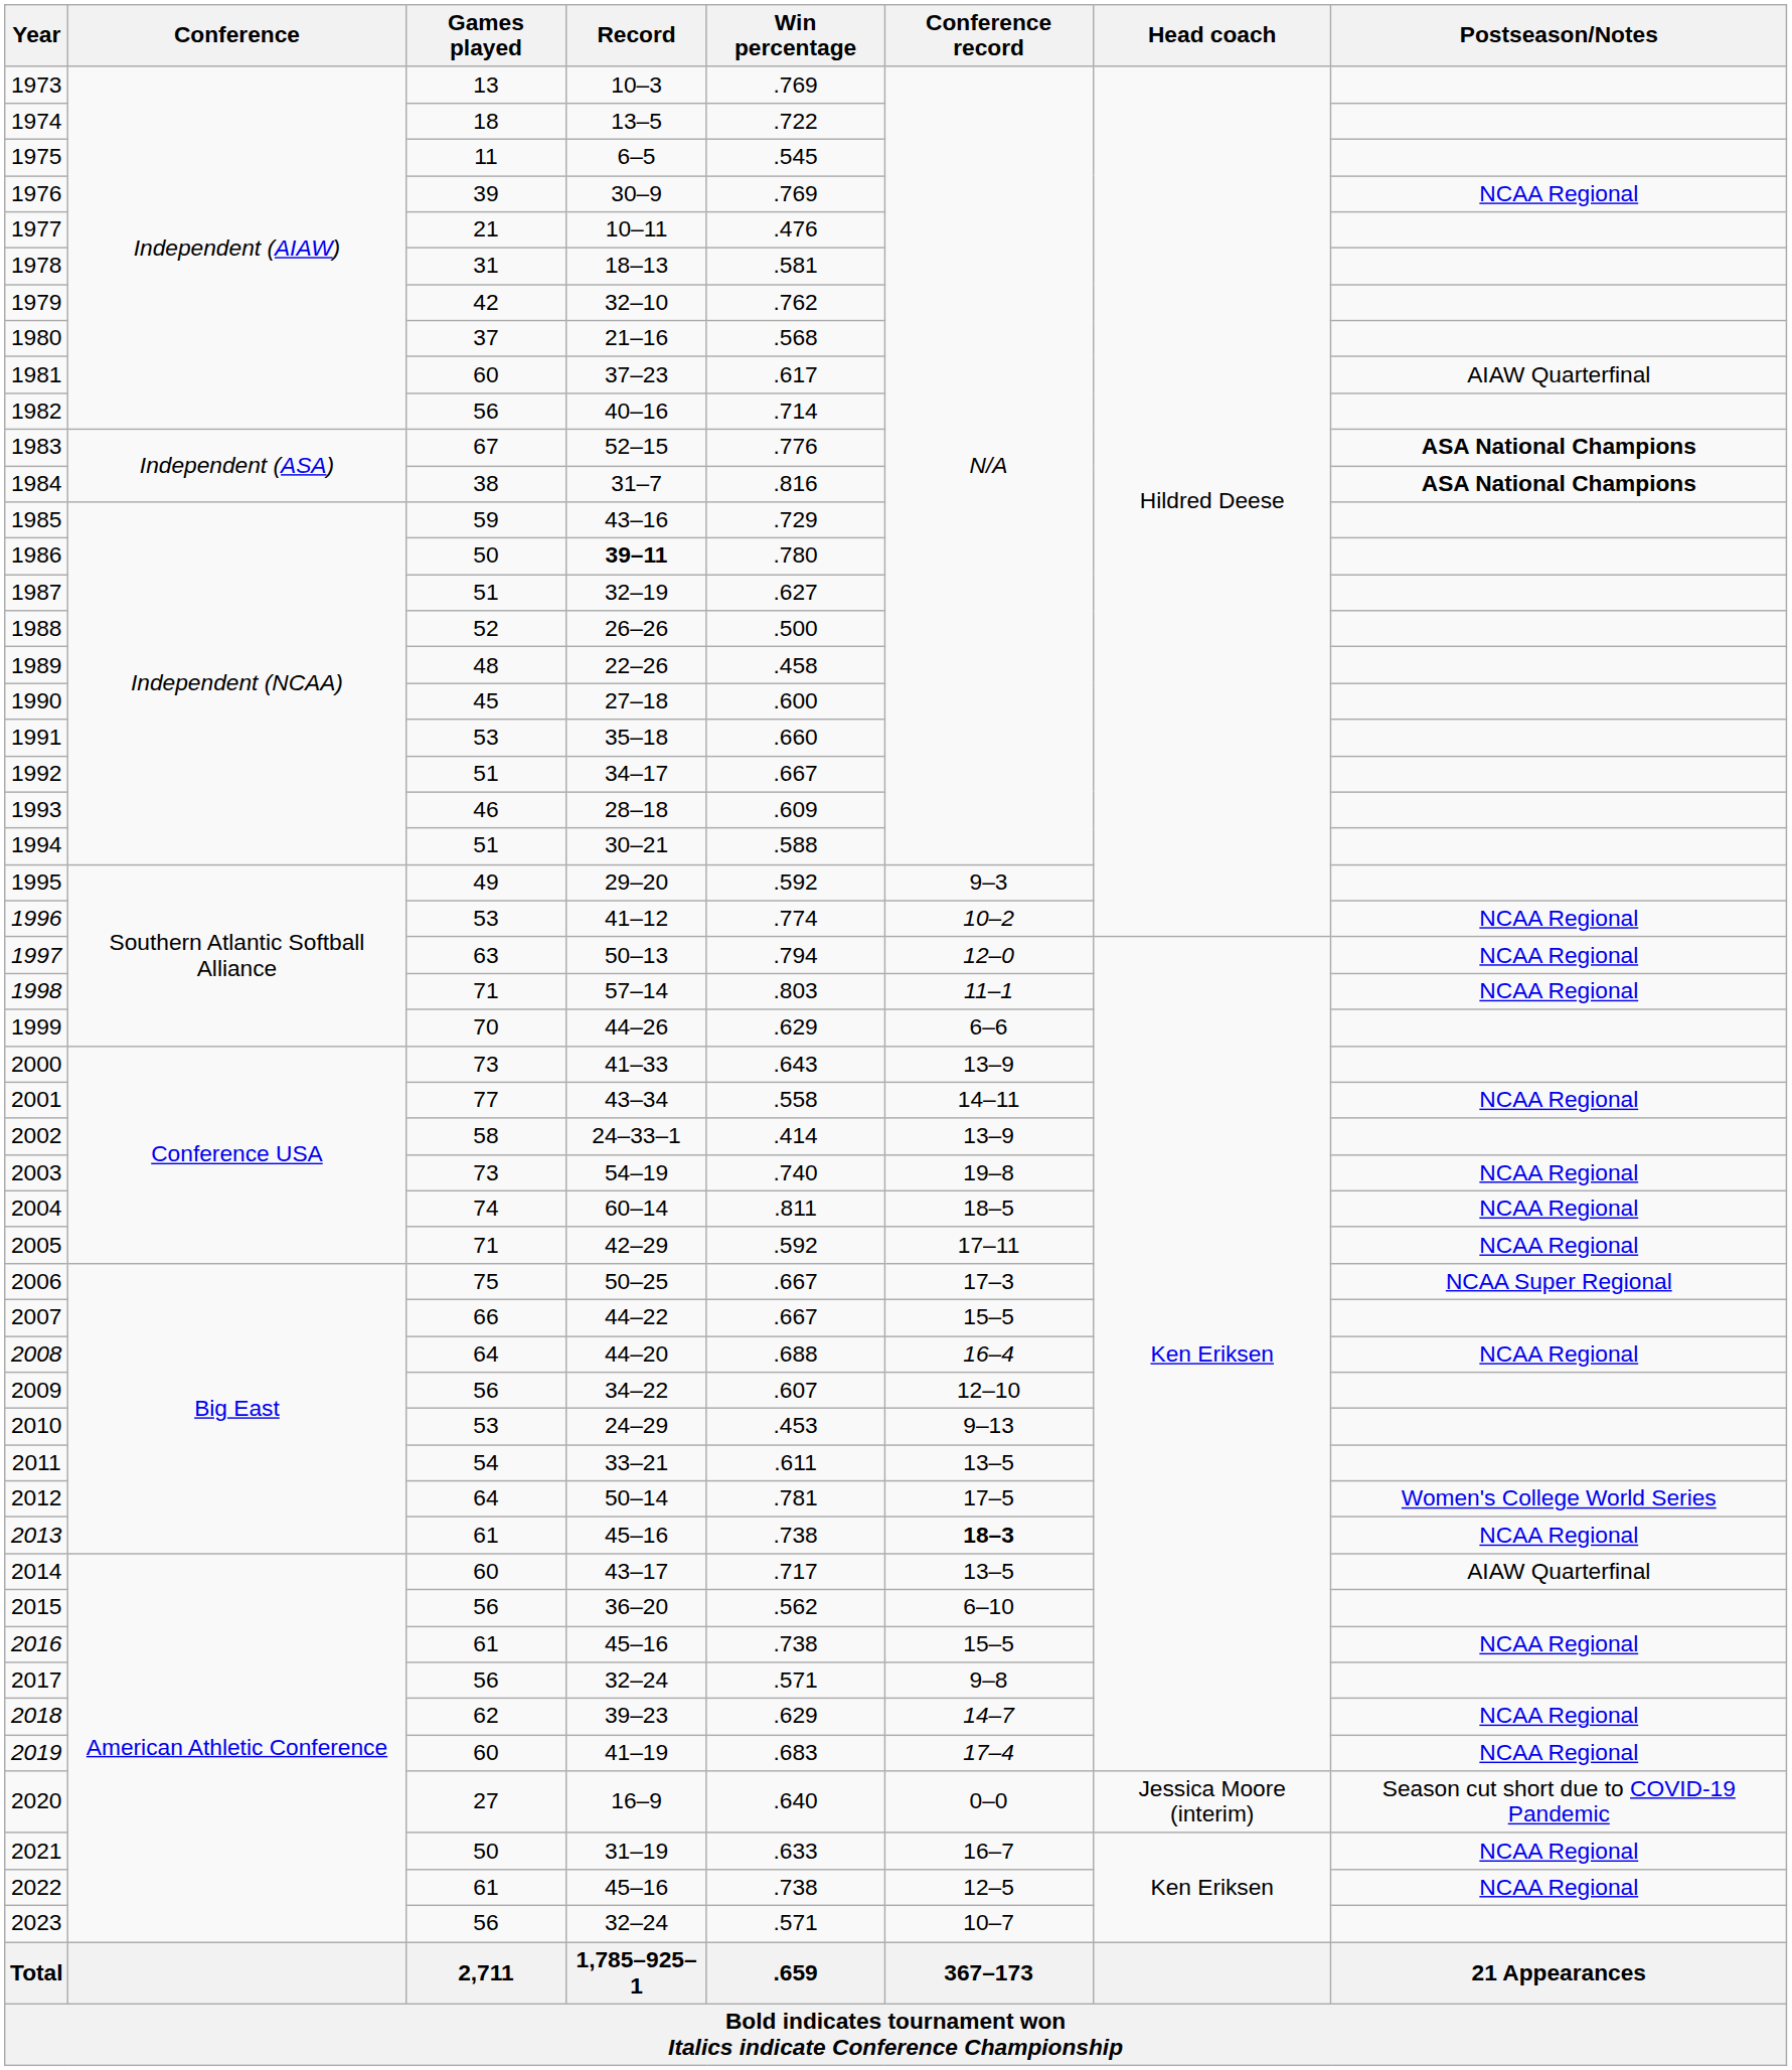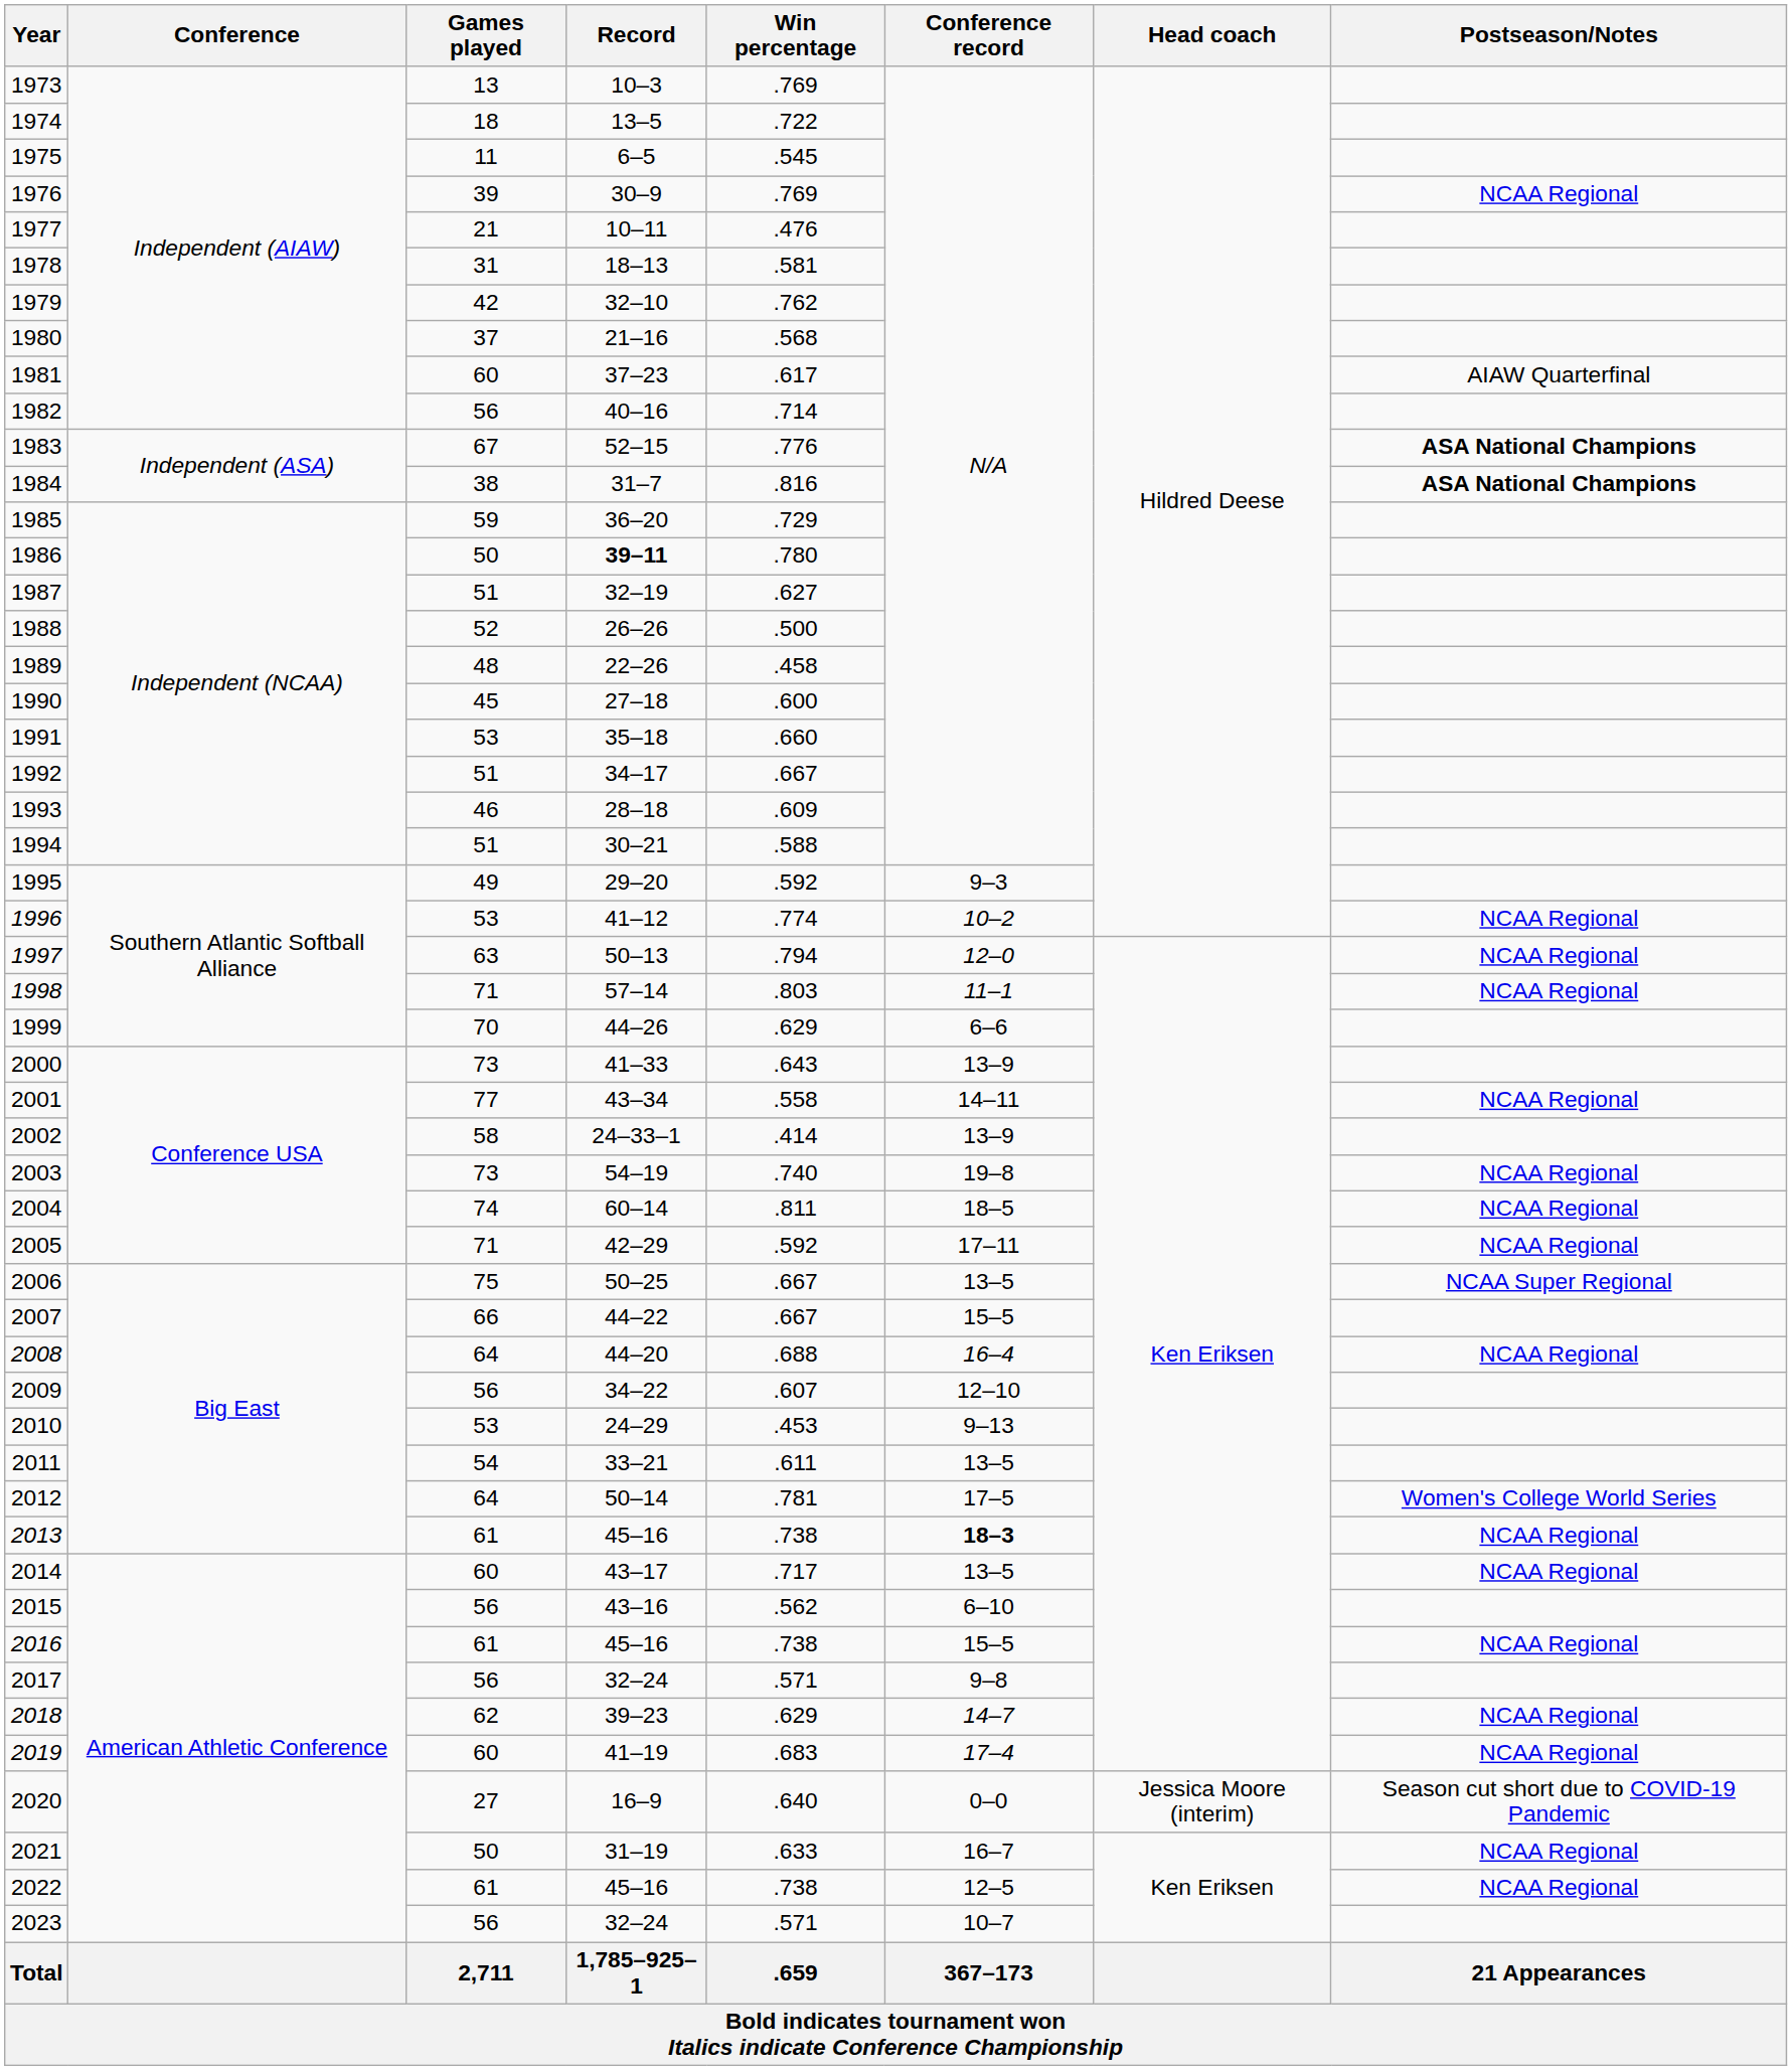 <table class="wikitable sortable" style="text-align:center;">
 <tr>
 <th style="text-align:center;">Year</th>
 <th style="text-align:center;">Conference</th>
 <th style="text-align:center;">Games played</th>
 <th style="text-align:center;">Record</th>
 <th style="text-align:center;">Win percentage</th>
 <th style="text-align:center;">Conference record</th>
 <th style="text-align:center;">Head coach</th>
 <th style="text-align:center;">Postseason/Notes</th>
 </tr>
 <tr>
 <td>1973</td>
 <td rowspan="10"><em>Independent (<a href='#'>AIAW</a>)</em></td>
 <td>13</td>
 <td>10–3</td>
 <td>.769</td>
 <td rowspan="22"><em>N/A</em></td>
 <td rowspan="24">Hildred Deese</td>
 <td></td>
 </tr>
 <tr>
 <td>1974</td>
 <td>18</td>
 <td>13–5</td>
 <td>.722</td>
 <td></td>
 </tr>
 <tr>
 <td>1975</td>
 <td>11</td>
 <td>6–5</td>
 <td>.545</td>
 <td></td>
 </tr>
 <tr>
 <td>1976</td>
 <td>39</td>
 <td>30–9</td>
 <td>.769</td>
 <td><a href='#'>NCAA Regional</a></td>
 </tr>
 <tr>
 <td>1977</td>
 <td>21</td>
 <td>10–11</td>
 <td>.476</td>
 <td></td>
 </tr>
 <tr>
 <td>1978</td>
 <td>31</td>
 <td>18–13</td>
 <td>.581</td>
 <td></td>
 </tr>
 <tr>
 <td>1979</td>
 <td>42</td>
 <td>32–10</td>
 <td>.762</td>
 <td></td>
 </tr>
 <tr>
 <td>1980</td>
 <td>37</td>
 <td>21–16</td>
 <td>.568</td>
 <td></td>
 </tr>
 <tr>
 <td>1981</td>
 <td>60</td>
 <td>37–23</td>
 <td>.617</td>
 <td>AIAW Quarterfinal</td>
 </tr>
 <tr>
 <td>1982</td>
 <td>56</td>
 <td>40–16</td>
 <td>.714</td>
 <td></td>
 </tr>
 <tr>
 <td>1983</td>
 <td rowspan="2"><em>Independent (<a href='#'>ASA</a>)</em></td>
 <td>67</td>
 <td>52–15</td>
 <td>.776</td>
 <td><strong>ASA National Champions</strong></td>
 </tr>
 <tr>
 <td>1984</td>
 <td>38</td>
 <td>31–7</td>
 <td>.816</td>
 <td><strong>ASA National Champions</strong></td>
 </tr>
 <tr>
 <td>1985</td>
 <td rowspan="10"><em>Independent (NCAA)</em></td>
 <td>59</td>
-<td>43–16</td>
+<td>36–20</td>
 <td>.729</td>
 <td></td>
 </tr>
 <tr>
 <td>1986</td>
 <td>50</td>
 <td><strong>39–11</strong></td>
 <td>.780</td>
 <td></td>
 </tr>
 <tr>
 <td>1987</td>
 <td>51</td>
 <td>32–19</td>
 <td>.627</td>
 <td></td>
 </tr>
 <tr>
 <td>1988</td>
 <td>52</td>
 <td>26–26</td>
 <td>.500</td>
 <td></td>
 </tr>
 <tr>
 <td>1989</td>
 <td>48</td>
 <td>22–26</td>
 <td>.458</td>
 <td></td>
 </tr>
 <tr>
 <td>1990</td>
 <td>45</td>
 <td>27–18</td>
 <td>.600</td>
 <td></td>
 </tr>
 <tr>
 <td>1991</td>
 <td>53</td>
 <td>35–18</td>
 <td>.660</td>
 <td></td>
 </tr>
 <tr>
 <td>1992</td>
 <td>51</td>
 <td>34–17</td>
 <td>.667</td>
 <td></td>
 </tr>
 <tr>
 <td>1993</td>
 <td>46</td>
 <td>28–18</td>
 <td>.609</td>
 <td></td>
 </tr>
 <tr>
 <td>1994</td>
 <td>51</td>
 <td>30–21</td>
 <td>.588</td>
 <td></td>
 </tr>
 <tr>
 <td>1995</td>
 <td rowspan="5">Southern Atlantic Softball Alliance</td>
 <td>49</td>
 <td>29–20</td>
 <td>.592</td>
 <td>9–3</td>
 <td></td>
 </tr>
 <tr>
 <td><em>1996</em></td>
 <td>53</td>
 <td>41–12</td>
 <td>.774</td>
 <td><em>10–2</em></td>
 <td><a href='#'>NCAA Regional</a></td>
 </tr>
 <tr>
 <td><em>1997</em></td>
 <td>63</td>
 <td>50–13</td>
 <td>.794</td>
 <td><em>12–0</em></td>
 <td rowspan="23"><a href='#'>Ken Eriksen</a></td>
 <td><a href='#'>NCAA Regional</a></td>
 </tr>
 <tr>
 <td><em>1998</em></td>
 <td>71</td>
 <td>57–14</td>
 <td>.803</td>
 <td><em>11–1</em></td>
 <td><a href='#'>NCAA Regional</a></td>
 </tr>
 <tr>
 <td>1999</td>
 <td>70</td>
 <td>44–26</td>
 <td>.629</td>
 <td>6–6</td>
 <td></td>
 </tr>
 <tr>
 <td>2000</td>
 <td rowspan="6"><a href='#'>Conference USA</a></td>
 <td>73</td>
 <td>41–33</td>
 <td>.643</td>
 <td>13–9</td>
 <td></td>
 </tr>
 <tr>
 <td>2001</td>
 <td>77</td>
 <td>43–34</td>
 <td>.558</td>
 <td>14–11</td>
 <td><a href='#'>NCAA Regional</a></td>
 </tr>
 <tr>
 <td>2002</td>
 <td>58</td>
 <td>24–33–1</td>
 <td>.414</td>
 <td>13–9</td>
 <td></td>
 </tr>
 <tr>
 <td>2003</td>
 <td>73</td>
 <td>54–19</td>
 <td>.740</td>
 <td>19–8</td>
 <td><a href='#'>NCAA Regional</a></td>
 </tr>
 <tr>
 <td>2004</td>
 <td>74</td>
 <td>60–14</td>
 <td>.811</td>
 <td>18–5</td>
 <td><a href='#'>NCAA Regional</a></td>
 </tr>
 <tr>
 <td>2005</td>
 <td>71</td>
 <td>42–29</td>
 <td>.592</td>
 <td>17–11</td>
 <td><a href='#'>NCAA Regional</a></td>
 </tr>
 <tr>
 <td>2006</td>
 <td rowspan="8"><a href='#'>Big East</a></td>
 <td>75</td>
 <td>50–25</td>
 <td>.667</td>
-<td>17–3</td>
+<td>13–5</td>
 <td><a href='#'>NCAA Super Regional</a></td>
 </tr>
 <tr>
 <td>2007</td>
 <td>66</td>
 <td>44–22</td>
 <td>.667</td>
 <td>15–5</td>
 <td></td>
 </tr>
 <tr>
 <td><em>2008</em></td>
 <td>64</td>
 <td>44–20</td>
 <td>.688</td>
 <td><em>16–4</em></td>
 <td><a href='#'>NCAA Regional</a></td>
 </tr>
 <tr>
 <td>2009</td>
 <td>56</td>
 <td>34–22</td>
 <td>.607</td>
 <td>12–10</td>
 <td></td>
 </tr>
 <tr>
 <td>2010</td>
 <td>53</td>
 <td>24–29</td>
 <td>.453</td>
 <td>9–13</td>
 <td></td>
 </tr>
 <tr>
 <td>2011</td>
 <td>54</td>
 <td>33–21</td>
 <td>.611</td>
 <td>13–5</td>
 <td></td>
 </tr>
 <tr>
 <td>2012</td>
 <td>64</td>
 <td>50–14</td>
 <td>.781</td>
 <td>17–5</td>
 <td><a href='#'>Women's College World Series</a></td>
 </tr>
 <tr>
 <td><em>2013</em></td>
 <td>61</td>
 <td>45–16</td>
 <td>.738</td>
 <td><strong>18–3</strong></td>
 <td><a href='#'>NCAA Regional</a></td>
 </tr>
 <tr>
 <td>2014</td>
 <td rowspan="10"><a href='#'>American Athletic Conference</a></td>
 <td>60</td>
 <td>43–17</td>
 <td>.717</td>
 <td>13–5</td>
-<td>AIAW Quarterfinal</td>
+<td><a href='#'>NCAA Regional</a></td>
 </tr>
 <tr>
 <td>2015</td>
 <td>56</td>
-<td>36–20</td>
+<td>43–16</td>
 <td>.562</td>
 <td>6–10</td>
 <td></td>
 </tr>
 <tr>
 <td><em>2016</em></td>
 <td>61</td>
 <td>45–16</td>
 <td>.738</td>
 <td>15–5</td>
 <td><a href='#'>NCAA Regional</a></td>
 </tr>
 <tr>
 <td>2017</td>
 <td>56</td>
 <td>32–24</td>
 <td>.571</td>
 <td>9–8</td>
 <td></td>
 </tr>
 <tr>
 <td><em>2018</em></td>
 <td>62</td>
 <td>39–23</td>
 <td>.629</td>
 <td><em>14–7</em></td>
 <td><a href='#'>NCAA Regional</a></td>
 </tr>
 <tr>
 <td><em>2019</em></td>
 <td>60</td>
 <td>41–19</td>
 <td>.683</td>
 <td><em>17–4</em></td>
 <td><a href='#'>NCAA Regional</a></td>
 </tr>
 <tr>
 <td>2020</td>
 <td>27</td>
 <td>16–9</td>
 <td>.640</td>
 <td>0–0</td>
 <td>Jessica Moore (interim)</td>
 <td style="text-align: center;">Season cut short due to <a href='#'>COVID-19 Pandemic</a></td>
 </tr>
 <tr>
 <td>2021</td>
 <td>50</td>
 <td>31–19</td>
 <td>.633</td>
 <td>16–7</td>
 <td rowspan="3">Ken Eriksen</td>
 <td><a href='#'>NCAA Regional</a></td>
 </tr>
 <tr>
 <td>2022</td>
 <td>61</td>
 <td>45–16</td>
 <td>.738</td>
 <td>12–5</td>
 <td><a href='#'>NCAA Regional</a></td>
 </tr>
 <tr>
 <td>2023</td>
 <td>56</td>
 <td>32–24</td>
 <td>.571</td>
 <td>10–7</td>
 <td></td>
 </tr>
 <tr>
 <th style="text-align:center;">Total</th>
 <th style="text-align:center;"></th>
 <th style="text-align:center;">2,711</th>
 <th style="text-align:center;">1,785–925–1</th>
 <th style="text-align:center;">.659</th>
 <th style="text-align:center;">367–173</th>
 <th style="text-align:center;"></th>
 <th style="text-align:center;">21 Appearances</th>
 </tr>
 <tr>
 <th colspan="8" style="text-align:center;"><strong>Bold indicates tournament won</strong><br><strong><em>Italics indicate Conference Championship</em></strong></th>
 </tr>
 </table>
